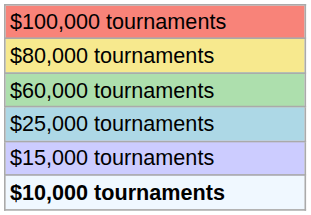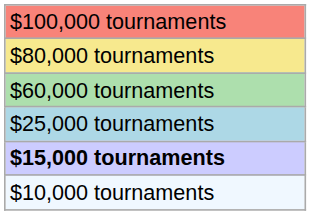 <table class="wikitable" style="font-size:85%;" width=15%>
 <tr style="background:#f88379;">
 <td>$100,000 tournaments</td>
 </tr>
 <tr style="background:#f7e98e;">
 <td>$80,000 tournaments</td>
 </tr>
 <tr style="background:#addfad;">
 <td>$60,000 tournaments</td>
 </tr>
 <tr style="background:lightblue;">
 <td>$25,000 tournaments</td>
 </tr>
 <tr style="background:#ccccff;">
-<td>$15,000 tournaments</td>
+<td><strong>$15,000 tournaments</strong></td>
 </tr>
 <tr style="background:#f0f8ff;">
-<td><strong>$10,000 tournaments</strong></td>
+<td>$10,000 tournaments</td>
 </tr>
 </table>
